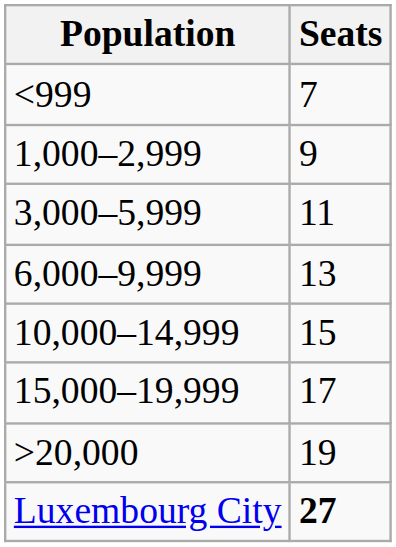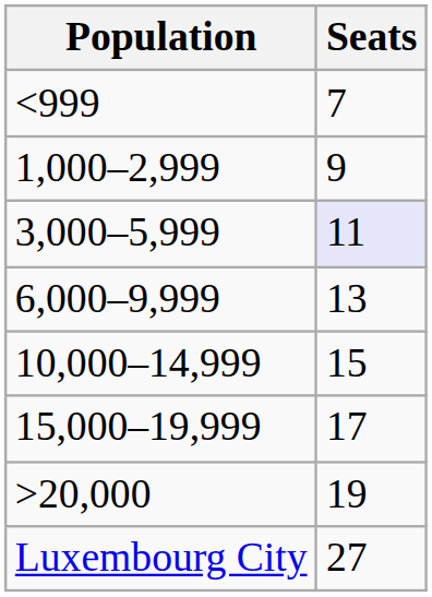 <table class="wikitable" style="text-align:left; font-size:100%;">
 <tr>
 <th align="center">Population</th>
 <th align="center">Seats</th>
 </tr>
 <tr>
 <td><999</td>
 <td>7</td>
 </tr>
 <tr>
 <td>1,000–2,999</td>
 <td>9</td>
 </tr>
 <tr>
 <td>3,000–5,999</td>
-<td>11</td>
+<td style="background: lavender;">11</td>
 </tr>
 <tr>
 <td>6,000–9,999</td>
 <td>13</td>
 </tr>
 <tr>
 <td>10,000–14,999</td>
 <td>15</td>
 </tr>
 <tr>
 <td>15,000–19,999</td>
 <td>17</td>
 </tr>
 <tr>
 <td>>20,000</td>
 <td>19</td>
 </tr>
 <tr>
 <td><a href='#'>Luxembourg City</a></td>
-<td><strong>27</strong></td>
+<td>27</td>
 </tr>
 </table>
